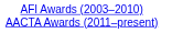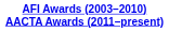 <table id=toc class=toc summary=Contents>
 <tr>
 <th></th>
 </tr>
 <tr>
-<td align=center><a href='#'>AFI Awards (2003–2010)</a><br><a href='#'>AACTA Awards (2011–present)</a></td>
+<td align=center><strong><a href='#'>AFI Awards (2003–2010)</a><br><a href='#'>AACTA Awards (2011–present)</a></strong></td>
 </tr>
 </table>
